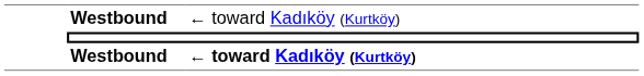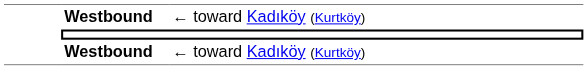 <table table border=0 cellspacing=0 cellpadding=3>
 <tr>
 <td style="border-top:solid 1px gray;border-bottom:solid 1px gray;" width=50 rowspan=3 valign=top></td>
 <td style="border-top:solid 1px gray;" width=100><strong>Westbound</strong></td>
 <td style="border-top:solid 1px gray;" width=400>←  toward <a href='#'>Kadıköy</a> <small>(<a href='#'>Kurtköy</a>)</small></td>
 </tr>
 <tr>
 <td style="border-top:solid 2px black;border-right:solid 2px black;border-left:solid 2px black;border-bottom:solid 2px black;text-align:center;" colspan=2></td>
 </tr>
 <tr>
 <td style="border-bottom:solid 1px gray;"><strong>Westbound</strong></td>
-<td style="border-bottom:solid 1px gray;"><strong>←  toward <a href='#'>Kadıköy</a> <small>(<a href='#'>Kurtköy</a>)</small></strong></td>
+<td style="border-bottom:solid 1px gray;">←  toward <a href='#'>Kadıköy</a> <small>(<a href='#'>Kurtköy</a>)</small></td>
 </tr>
 </table>
